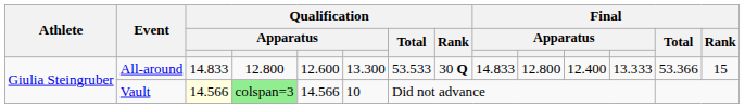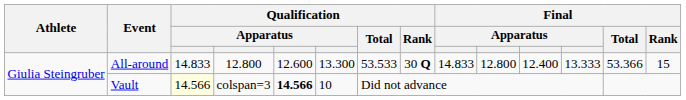 <table class="wikitable" style="font-size:90%">
 <tr>
 <th rowspan=3>Athlete</th>
 <th rowspan=3>Event</th>
 <th colspan=6>Qualification</th>
 <th colspan=6>Final</th>
 </tr>
 <tr style="font-size:95%">
 <th colspan=4>Apparatus</th>
 <th rowspan=2>Total</th>
 <th rowspan=2>Rank</th>
 <th colspan=4>Apparatus</th>
 <th rowspan=2>Total</th>
 <th rowspan=2>Rank</th>
 </tr>
 <tr style="font-size:95%">
 <th></th>
 <th></th>
 <th></th>
 <th></th>
 <th></th>
 <th></th>
 <th></th>
 <th></th>
 </tr>
 <tr align=center>
 <td align=left rowspan=2><a href='#'>Giulia Steingruber</a></td>
 <td align=left><a href='#'>All-around</a></td>
 <td>14.833</td>
 <td>12.800</td>
 <td>12.600</td>
 <td>13.300</td>
 <td>53.533</td>
 <td>30 <strong>Q</strong></td>
 <td>14.833</td>
 <td>12.800</td>
 <td>12.400</td>
 <td>13.333</td>
 <td>53.366</td>
 <td>15</td>
 </tr>
 <tr>
 <td align=left><a href='#'>Vault</a></td>
 <td style="background: lightyellow;">14.566</td>
-<td style="background: lightgreen;">colspan=3 </td>
-<td>14.566</td>
+<td>colspan=3 </td>
+<td><strong>14.566</strong></td>
 <td>10</td>
 <td colspan=6>Did not advance</td>
 </tr>
 </table>
